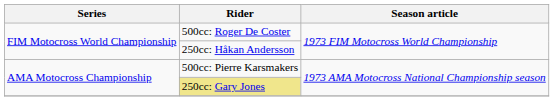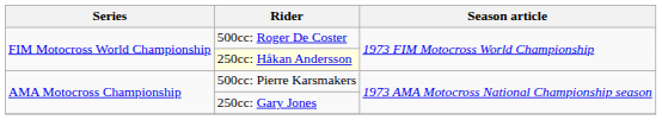 <table class="wikitable" style="font-size: 87%;">
 <tr>
 <th>Series</th>
 <th>Rider</th>
 <th>Season article</th>
 </tr>
 <tr>
 <td rowspan=2><a href='#'>FIM Motocross World Championship</a></td>
 <td>500cc:  <a href='#'>Roger De Coster</a></td>
 <td rowspan=2><em><a href='#'>1973 FIM Motocross World Championship</a></em></td>
 </tr>
 <tr>
-<td>250cc:  <a href='#'>Håkan Andersson</a></td>
+<td style="background: lightyellow;">250cc:  <a href='#'>Håkan Andersson</a></td>
 </tr>
 <tr>
 <td rowspan=2><a href='#'>AMA Motocross Championship</a></td>
 <td>500cc:  Pierre Karsmakers</td>
 <td rowspan=2><em><a href='#'>1973 AMA Motocross National Championship season</a></em></td>
 </tr>
 <tr>
-<td style="background: khaki;">250cc:  <a href='#'>Gary Jones</a></td>
+<td>250cc:  <a href='#'>Gary Jones</a></td>
 </tr>
 <tr>
 </tr>
 </table>
